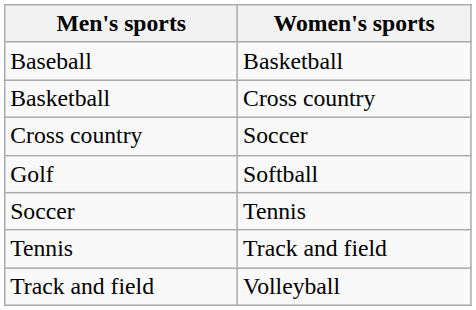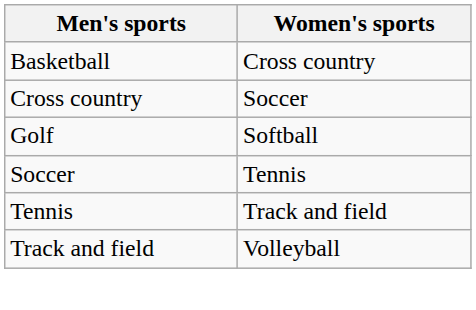 <table class="wikitable"; style= "text-align: ">
 <tr>
 <th width=150px>Men's sports</th>
 <th width=150px>Women's sports</th>
-</tr>
-<tr>
-<td>Baseball</td>
-<td>Basketball</td>
 </tr>
 <tr>
 <td>Basketball</td>
 <td>Cross country</td>
 </tr>
 <tr>
 <td>Cross country</td>
 <td>Soccer</td>
 </tr>
 <tr>
 <td>Golf</td>
 <td>Softball</td>
 </tr>
 <tr>
 <td>Soccer</td>
 <td>Tennis</td>
 </tr>
 <tr>
 <td>Tennis</td>
 <td>Track and field</td>
 </tr>
 <tr>
 <td>Track and field</td>
 <td>Volleyball</td>
 </tr>
 </table>
